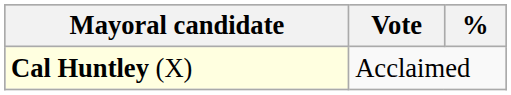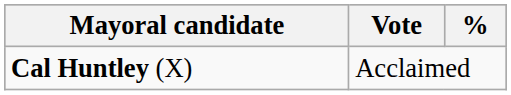 <table class="wikitable">
 <tr>
 <th width="200px">Mayoral candidate</th>
 <th width="50px">Vote</th>
 <th width="30px">%</th>
 </tr>
 <tr>
-<td style="background: lightyellow;"><strong>Cal Huntley</strong> (X)</td>
+<td><strong>Cal Huntley</strong> (X)</td>
 <td colspan="2">Acclaimed</td>
 </tr>
 </table>
